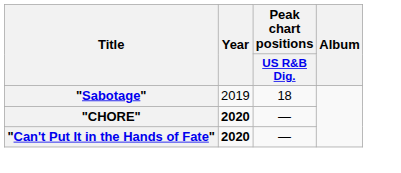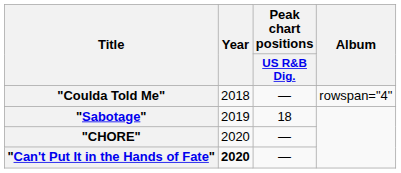 <table class="wikitable plainrowheaders" style="text-align:center;">
 <tr>
 <th scope="col" rowspan="2">Title</th>
 <th scope="col" rowspan="2">Year</th>
 <th scope="col" colspan="1">Peak chart positions</th>
 <th scope="col" rowspan="2">Album</th>
 </tr>
 <tr>
 <th scope="col" style="width:3em;font-size:90%;"><a href='#'>US R&B Dig.</a></th>
 </tr>
 <tr>
+<th scope="row">"Coulda Told Me"<br></th>
+<td>2018</td>
+<td>—</td>
+<td>rowspan="4" </td>
+</tr>
+<tr>
 <th scope="row">"<a href='#'>Sabotage</a>"<br></th>
 <td>2019</td>
 <td>18</td>
 </tr>
 <tr>
 <th scope="row">"CHORE"<br></th>
-<td><strong>2020</strong></td>
+<td>2020</td>
 <td>—</td>
 </tr>
 <tr>
 <th scope="row">"<a href='#'>Can't Put It in the Hands of Fate</a>"<br></th>
 <td><strong>2020</strong></td>
 <td>—</td>
 </tr>
 </table>
